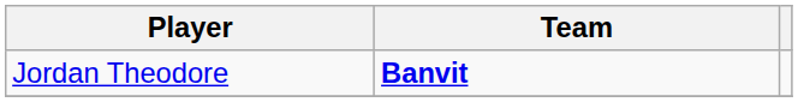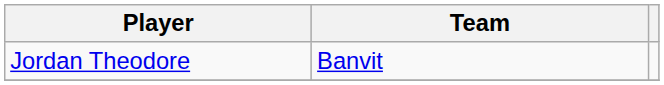 <table class="wikitable" style="text-align: center;">
 <tr>
 <th style="width:200px;">Player</th>
 <th style="width:220px;">Team</th>
 <th></th>
 </tr>
 <tr>
 <td align="left"> <a href='#'>Jordan Theodore</a></td>
-<td align="left"><strong> <a href='#'>Banvit</a></strong></td>
+<td align="left"> <a href='#'>Banvit</a></td>
 <td></td>
 </tr>
 <tr>
 </tr>
 </table>
